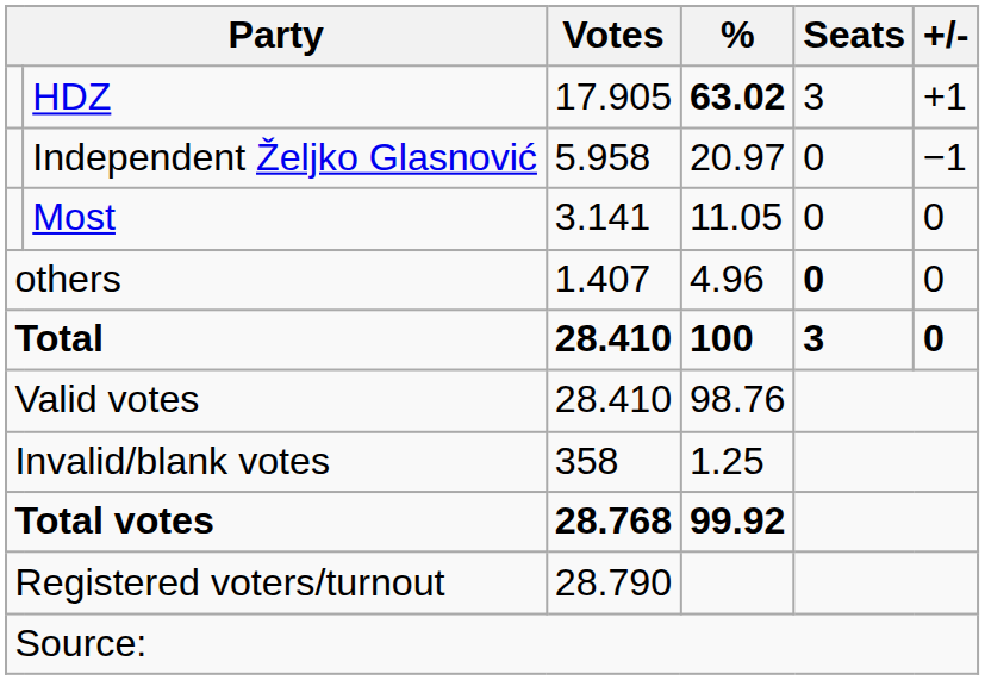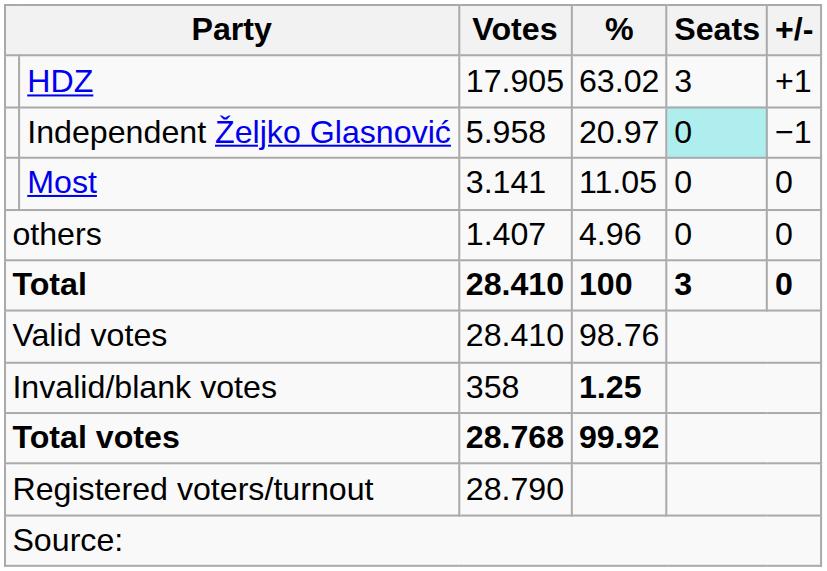 <table class="wikitable" style="text-align: left;">
 <tr>
 <th colspan="2">Party</th>
 <th>Votes</th>
 <th>%</th>
 <th>Seats</th>
 <th>+/-</th>
 </tr>
 <tr>
 <td style="background-color: "></td>
 <td><a href='#'>HDZ</a></td>
 <td>17.905</td>
-<td><strong>63.02</strong></td>
+<td>63.02</td>
 <td>3</td>
 <td>+1</td>
 </tr>
 <tr>
 <td style="background-color: "></td>
 <td>Independent <a href='#'>Željko Glasnović</a></td>
 <td>5.958</td>
 <td>20.97</td>
-<td>0</td>
+<td style="background: paleturquoise;">0</td>
 <td>−1</td>
 </tr>
 <tr>
 <td style="background-color: "></td>
 <td><a href='#'>Most</a></td>
 <td>3.141</td>
 <td>11.05</td>
 <td>0</td>
 <td>0</td>
 </tr>
 <tr>
 <td colspan="2">others</td>
 <td>1.407</td>
 <td>4.96</td>
-<td><strong>0</strong></td>
+<td>0</td>
 <td>0</td>
 </tr>
 <tr>
 <td colspan="2"><strong>Total</strong></td>
 <td><strong>28.410</strong></td>
 <td><strong>100</strong></td>
 <td><strong>3</strong></td>
 <td><strong>0</strong></td>
 </tr>
 <tr>
 <td colspan="2">Valid votes</td>
 <td>28.410</td>
 <td>98.76</td>
 <td colspan="2"></td>
 </tr>
 <tr>
 <td colspan="2">Invalid/blank votes</td>
 <td>358</td>
-<td>1.25</td>
+<td><strong>1.25</strong></td>
 <td colspan="2"></td>
 </tr>
 <tr>
 <td colspan="2"><strong>Total votes</strong></td>
 <td><strong>28.768</strong></td>
 <td><strong>99.92</strong></td>
 <td colspan="2"></td>
 </tr>
 <tr>
 <td colspan="2">Registered voters/turnout</td>
 <td votes14="5343">28.790</td>
 <td></td>
 <td colspan="2"></td>
 </tr>
 <tr>
 <td colspan="6">Source: </td>
 </tr>
 </table>
